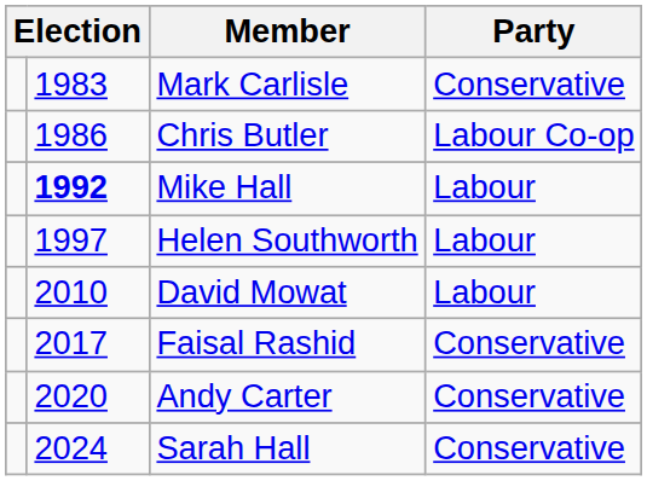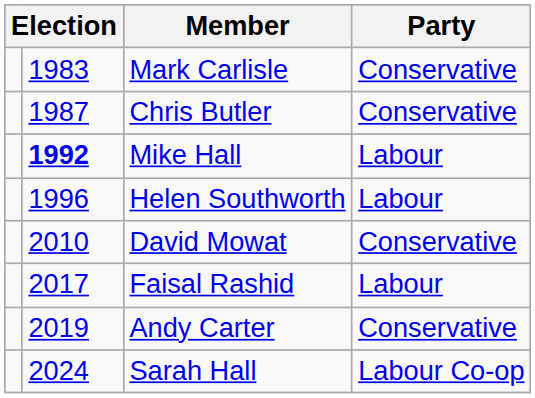 <table class="wikitable">
 <tr>
 <th colspan="2">Election</th>
 <th>Member</th>
 <th>Party</th>
 </tr>
 <tr>
 <td style="color:inherit;background-color: "></td>
 <td><a href='#'>1983</a></td>
 <td><a href='#'>Mark Carlisle</a></td>
 <td><a href='#'>Conservative</a></td>
 </tr>
 <tr>
 <td style="color:inherit;background-color: "></td>
-<td><a href='#'>1986</a></td>
+<td><a href='#'>1987</a></td>
 <td><a href='#'>Chris Butler</a></td>
-<td><a href='#'>Labour Co-op</a></td>
+<td><a href='#'>Conservative</a></td>
 </tr>
 <tr>
 <td style="color:inherit;background-color: "></td>
 <td><strong><a href='#'>1992</a></strong></td>
 <td><a href='#'>Mike Hall</a></td>
 <td><a href='#'>Labour</a></td>
 </tr>
 <tr>
 <td style="color:inherit;background-color: "></td>
-<td><a href='#'>1997</a></td>
+<td><a href='#'>1996</a></td>
 <td><a href='#'>Helen Southworth</a></td>
 <td><a href='#'>Labour</a></td>
 </tr>
 <tr>
 <td style="color:inherit;background-color: "></td>
 <td><a href='#'>2010</a></td>
 <td><a href='#'>David Mowat</a></td>
-<td><a href='#'>Labour</a></td>
+<td><a href='#'>Conservative</a></td>
 </tr>
 <tr>
 <td style="color:inherit;background-color: "></td>
 <td><a href='#'>2017</a></td>
 <td><a href='#'>Faisal Rashid</a></td>
-<td><a href='#'>Conservative</a></td>
+<td><a href='#'>Labour</a></td>
 </tr>
 <tr>
 <td style="color:inherit;background-color: "></td>
-<td><a href='#'>2020</a></td>
+<td><a href='#'>2019</a></td>
 <td><a href='#'>Andy Carter</a></td>
 <td><a href='#'>Conservative</a></td>
 </tr>
 <tr>
 <td style="color:inherit;background-color: "></td>
 <td><a href='#'>2024</a></td>
 <td><a href='#'>Sarah Hall</a></td>
-<td><a href='#'>Conservative</a></td>
+<td><a href='#'>Labour Co-op</a></td>
 </tr>
 </table>
